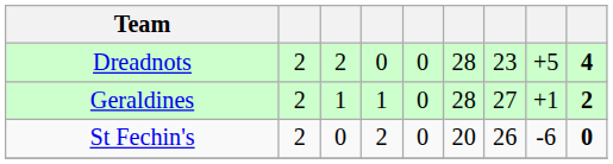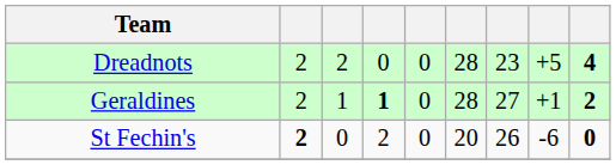 <table class="wikitable" style="text-align:center">
 <tr>
 <th style="width:175px;">Team</th>
 <th width="20"></th>
 <th width="20"></th>
 <th width="20"></th>
 <th width="20"></th>
 <th width="20"></th>
 <th width="20"></th>
 <th width="20"></th>
 <th width="20"></th>
 </tr>
 <tr style="background:#cfc;">
 <td><a href='#'>Dreadnots</a></td>
 <td>2</td>
 <td>2</td>
 <td>0</td>
 <td>0</td>
 <td>28</td>
 <td>23</td>
 <td>+5</td>
 <td><strong>4</strong></td>
 </tr>
 <tr style="background:#cfc;">
 <td><a href='#'>Geraldines</a></td>
 <td>2</td>
 <td>1</td>
-<td>1</td>
+<td><strong>1</strong></td>
 <td>0</td>
 <td>28</td>
 <td>27</td>
 <td>+1</td>
 <td><strong>2</strong></td>
 </tr>
 <tr>
 <td><a href='#'>St Fechin's</a></td>
-<td>2</td>
+<td><strong>2</strong></td>
 <td>0</td>
 <td>2</td>
 <td>0</td>
 <td>20</td>
 <td>26</td>
 <td>-6</td>
 <td><strong>0</strong></td>
 </tr>
 <tr>
 </tr>
 </table>
